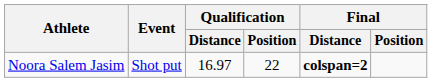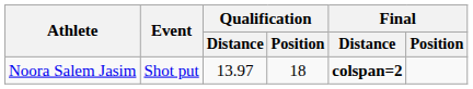 <table class="wikitable" style="font-size:90%">
 <tr>
 <th rowspan="2">Athlete</th>
 <th rowspan="2">Event</th>
 <th colspan="2">Qualification</th>
 <th colspan="2">Final</th>
 </tr>
 <tr style="font-size:95%">
 <th>Distance</th>
 <th>Position</th>
 <th>Distance</th>
 <th>Position</th>
 </tr>
 <tr style=text-align:center>
 <td style=text-align:left><a href='#'>Noora Salem Jasim</a></td>
 <td style=text-align:left><a href='#'>Shot put</a></td>
-<td>16.97</td>
-<td>22</td>
+<td>13.97</td>
+<td>18</td>
 <td><strong>colspan=2 </strong></td>
 </tr>
 </table>
